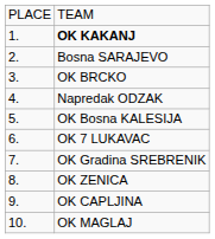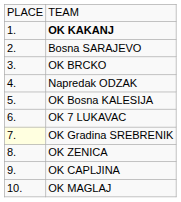 <table class="wikitable">
 <tr>
 <td>PLACE</td>
 <td>TEAM</td>
 </tr>
 <tr>
 <td>1.</td>
 <td><strong>OK KAKANJ</strong></td>
 </tr>
 <tr>
 <td>2.</td>
 <td>Bosna SARAJEVO</td>
 </tr>
 <tr>
 <td>3.</td>
 <td>OK BRCKO</td>
 </tr>
 <tr>
 <td>4.</td>
 <td>Napredak ODZAK</td>
 </tr>
 <tr>
 <td>5.</td>
 <td>OK Bosna KALESIJA</td>
 </tr>
 <tr>
 <td>6.</td>
 <td>OK 7 LUKAVAC</td>
 </tr>
 <tr>
-<td>7.</td>
+<td style="background: lightyellow;">7.</td>
 <td>OK Gradina SREBRENIK</td>
 </tr>
 <tr>
 <td>8.</td>
 <td>OK ZENICA</td>
 </tr>
 <tr>
 <td>9.</td>
 <td>OK CAPLJINA</td>
 </tr>
 <tr>
 <td>10.</td>
 <td>OK MAGLAJ</td>
 </tr>
 </table>
